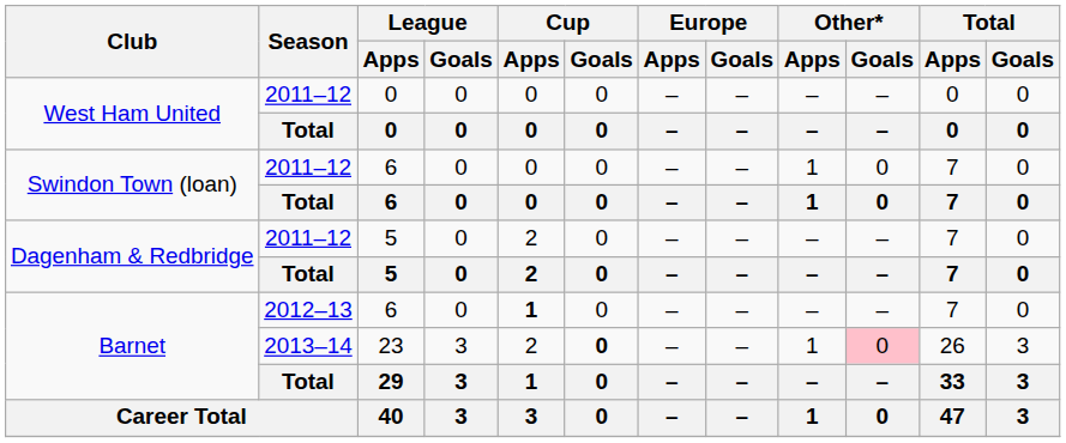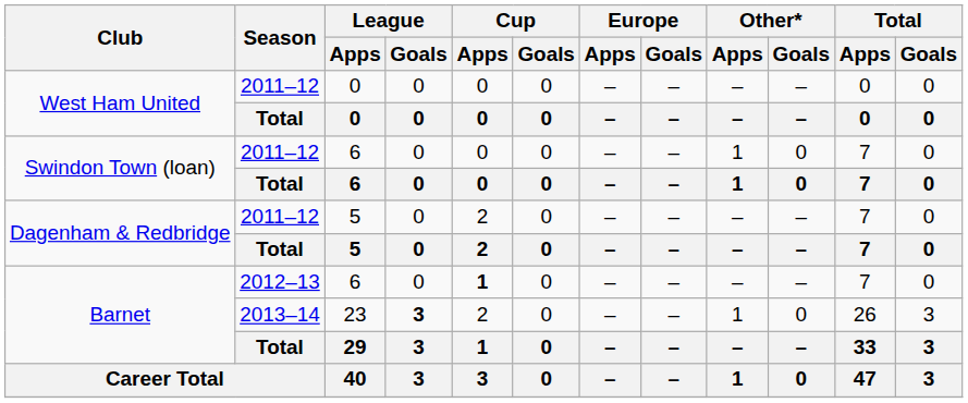 <table class="wikitable" style="text-align: center;">
 <tr>
 <th rowspan="2">Club</th>
 <th rowspan="2">Season</th>
 <th colspan="2">League</th>
 <th colspan="2">Cup</th>
 <th colspan="2">Europe</th>
 <th colspan="2">Other*</th>
 <th colspan="2">Total</th>
 </tr>
 <tr>
 <th>Apps</th>
 <th>Goals</th>
 <th>Apps</th>
 <th>Goals</th>
 <th>Apps</th>
 <th>Goals</th>
 <th>Apps</th>
 <th>Goals</th>
 <th>Apps</th>
 <th>Goals</th>
 </tr>
 <tr>
 <td rowspan="2" valign="center"><a href='#'>West Ham United</a></td>
 <td><a href='#'>2011–12</a></td>
 <td>0</td>
 <td>0</td>
 <td>0</td>
 <td>0</td>
 <td>–</td>
 <td>–</td>
 <td>–</td>
 <td>–</td>
 <td>0</td>
 <td>0</td>
 </tr>
 <tr>
 <th>Total</th>
 <th>0</th>
 <th>0</th>
 <th>0</th>
 <th>0</th>
 <th>–</th>
 <th>–</th>
 <th>–</th>
 <th>–</th>
 <th>0</th>
 <th>0</th>
 </tr>
 <tr>
 <td rowspan="2" valign="center"><a href='#'>Swindon Town</a> (loan)</td>
 <td><a href='#'>2011–12</a></td>
 <td>6</td>
 <td>0</td>
 <td>0</td>
 <td>0</td>
 <td>–</td>
 <td>–</td>
 <td>1</td>
 <td>0</td>
 <td>7</td>
 <td>0</td>
 </tr>
 <tr>
 <th>Total</th>
 <th>6</th>
 <th>0</th>
 <th>0</th>
 <th>0</th>
 <th>–</th>
 <th>–</th>
 <th>1</th>
 <th>0</th>
 <th>7</th>
 <th>0</th>
 </tr>
 <tr>
 <td rowspan="2" valign="center"><a href='#'>Dagenham & Redbridge</a></td>
 <td><a href='#'>2011–12</a></td>
 <td>5</td>
 <td>0</td>
 <td>2</td>
 <td>0</td>
 <td>–</td>
 <td>–</td>
 <td>–</td>
 <td>–</td>
 <td>7</td>
 <td>0</td>
 </tr>
 <tr>
 <th>Total</th>
 <th>5</th>
 <th>0</th>
 <th>2</th>
 <th>0</th>
 <th>–</th>
 <th>–</th>
 <th>–</th>
 <th>–</th>
 <th>7</th>
 <th>0</th>
 </tr>
 <tr>
 <td rowspan="3" valign="center"><a href='#'>Barnet</a></td>
 <td><a href='#'>2012–13</a></td>
 <td>6</td>
 <td>0</td>
 <td><strong>1</strong></td>
 <td>0</td>
 <td>–</td>
 <td>–</td>
 <td>–</td>
 <td>–</td>
 <td>7</td>
 <td>0</td>
 </tr>
 <tr>
 <td><a href='#'>2013–14</a></td>
 <td>23</td>
-<td>3</td>
+<td><strong>3</strong></td>
 <td>2</td>
-<td><strong>0</strong></td>
+<td>0</td>
 <td>–</td>
 <td>–</td>
 <td>1</td>
-<td style="background: pink;">0</td>
+<td>0</td>
 <td>26</td>
 <td>3</td>
 </tr>
 <tr>
 <th>Total</th>
 <th>29</th>
 <th>3</th>
 <th>1</th>
 <th>0</th>
 <th>–</th>
 <th>–</th>
 <th>–</th>
 <th>–</th>
 <th>33</th>
 <th>3</th>
 </tr>
 <tr>
 <th colspan="2">Career Total</th>
 <th>40</th>
 <th>3</th>
 <th>3</th>
 <th>0</th>
 <th>–</th>
 <th>–</th>
 <th>1</th>
 <th>0</th>
 <th>47</th>
 <th>3</th>
 </tr>
 <tr>
 </tr>
 </table>
